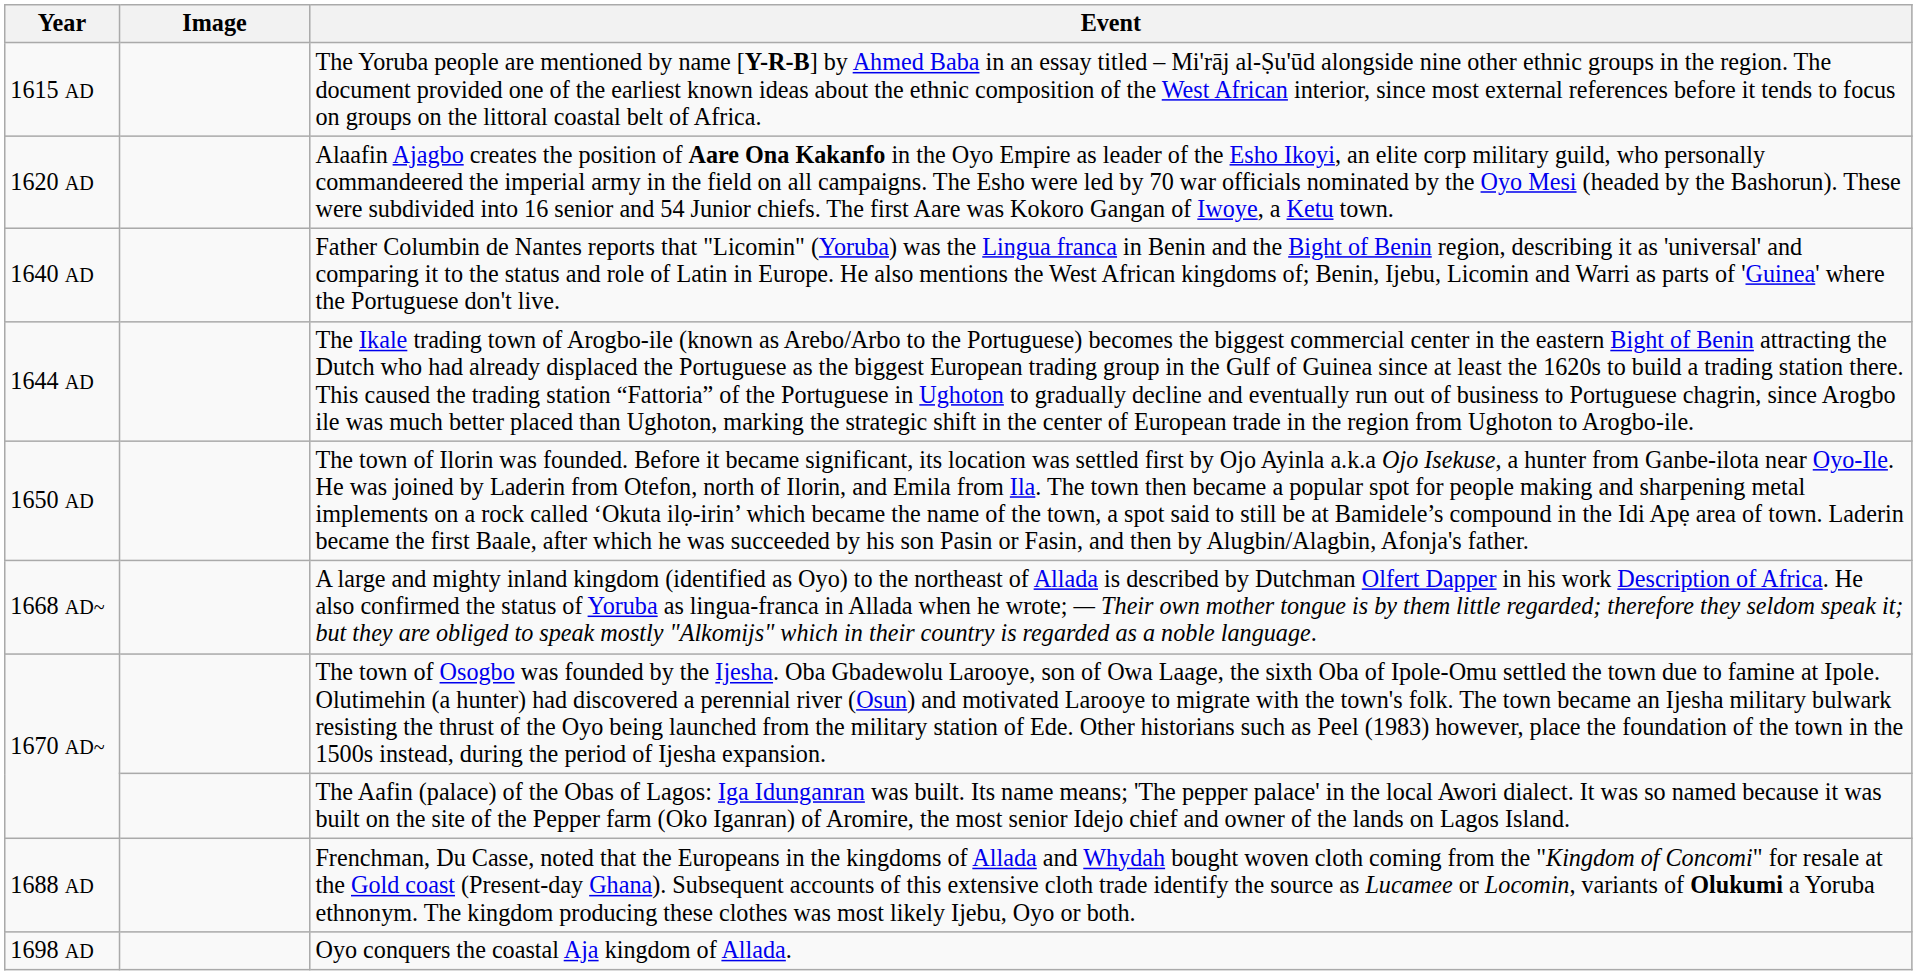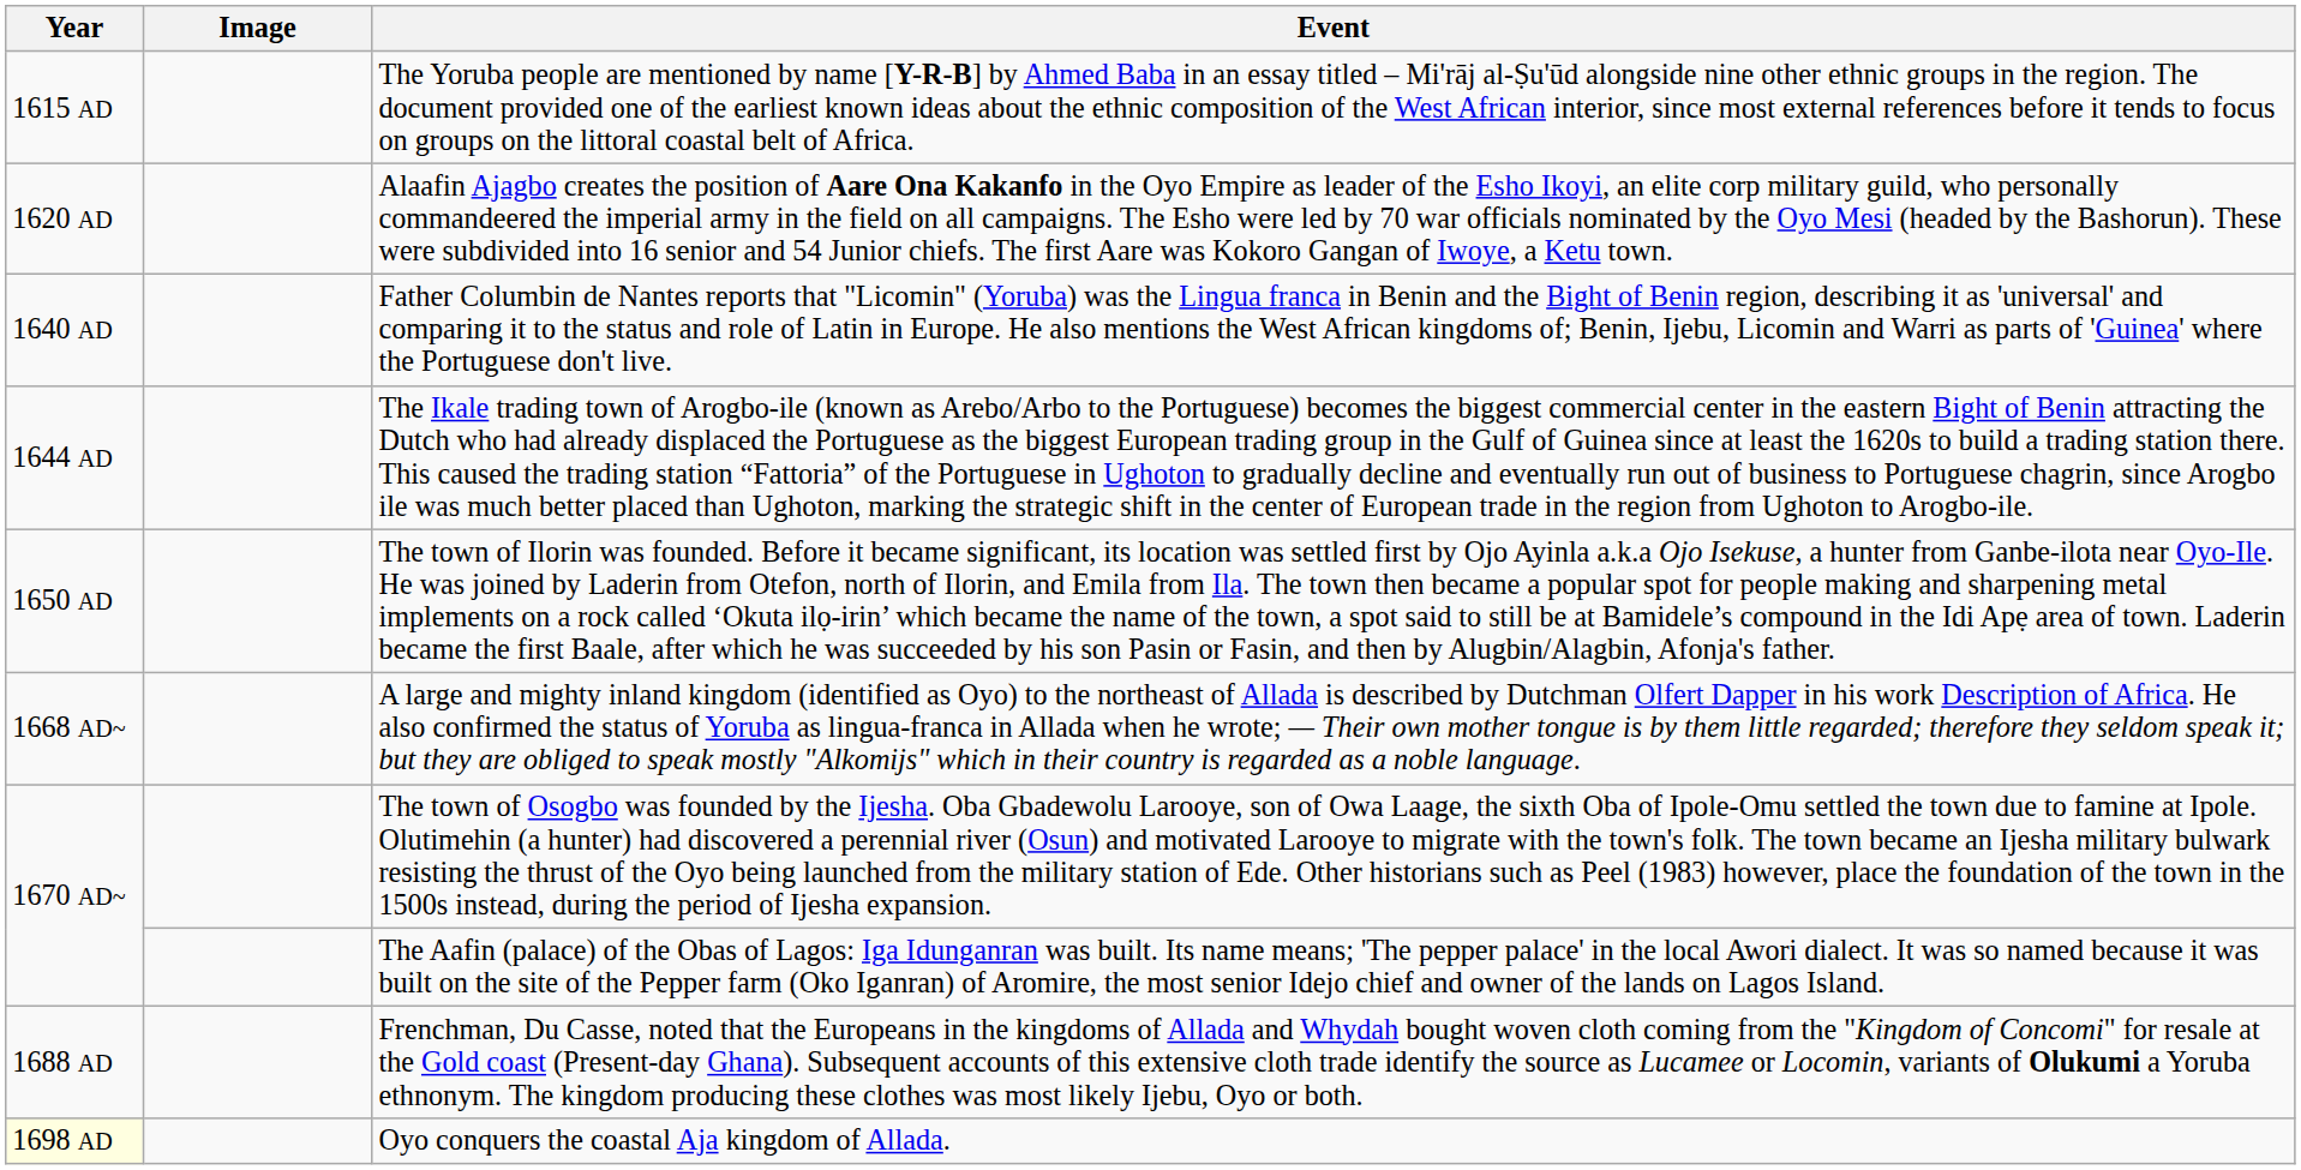 <table class="wikitable" width="100%">
 <tr>
 <th style="width:6%">Year</th>
 <th style="width:10%">Image</th>
 <th>Event</th>
 </tr>
 <tr>
 <td>1615 <small>AD</small></td>
 <td></td>
 <td>The Yoruba people are mentioned by name [<strong>Y-R-B</strong>] by <a href='#'>Ahmed Baba</a> in an essay titled – Mi'rāj al-Ṣu'ūd alongside nine other ethnic groups in the region. The document provided one of the earliest known ideas about the ethnic composition of the <a href='#'>West African</a> interior, since most external references before it tends to focus on groups on the littoral coastal belt of Africa.</td>
 </tr>
 <tr>
 <td>1620 <small>AD</small></td>
 <td></td>
 <td>Alaafin <a href='#'>Ajagbo</a> creates the position of <strong>Aare Ona Kakanfo</strong> in the Oyo Empire as leader of the <a href='#'>Esho Ikoyi</a>, an elite corp military guild, who personally commandeered the imperial army in the field on all campaigns. The Esho were led by 70 war officials nominated by the <a href='#'>Oyo Mesi</a> (headed by the Bashorun). These were subdivided into 16 senior and 54 Junior chiefs. The first Aare was Kokoro Gangan of <a href='#'>Iwoye</a>, a <a href='#'>Ketu</a> town.</td>
 </tr>
 <tr>
 <td>1640 <small>AD</small></td>
 <td><small></small></td>
 <td>Father Columbin de Nantes reports that "Licomin" (<a href='#'>Yoruba</a>) was the <a href='#'>Lingua franca</a> in Benin and the <a href='#'>Bight of Benin</a> region, describing it as 'universal' and comparing it to the status and role of Latin in Europe. He also mentions the West African kingdoms of; Benin, Ijebu, Licomin and Warri as parts of '<a href='#'>Guinea</a>' where the Portuguese don't live.</td>
 </tr>
 <tr>
 <td>1644 <small>AD</small></td>
 <td><small></small></td>
 <td>The <a href='#'>Ikale</a> trading town of Arogbo-ile (known as Arebo/Arbo to the Portuguese) becomes the biggest commercial center in the eastern <a href='#'>Bight of Benin</a> attracting the Dutch who had already displaced the Portuguese as the biggest European trading group in the Gulf of Guinea since at least the 1620s to build a trading station there. This caused the trading station “Fattoria” of the Portuguese in <a href='#'>Ughoton</a> to gradually decline and eventually run out of business to Portuguese chagrin, since Arogbo ile was much better placed than Ughoton, marking the strategic shift in the center of European trade in the region from Ughoton to Arogbo-ile.</td>
 </tr>
 <tr>
 <td>1650 <small>AD</small></td>
 <td><small></small></td>
 <td>The town of Ilorin was founded. Before it became significant, its location was settled first by Ojo Ayinla a.k.a <em>Ojo Isekuse</em>, a hunter from Ganbe-ilota near <a href='#'>Oyo-Ile</a>. He was joined by Laderin from Otefon, north of Ilorin, and Emila from <a href='#'>Ila</a>. The town then became a popular spot for people making and sharpening metal implements on a rock called ‘Okuta ilọ-irin’ which became the name of the town, a spot said to still be at Bamidele’s compound in the Idi Apẹ area of town. Laderin became the first Baale, after which he was succeeded by his son Pasin or Fasin, and then by Alugbin/Alagbin, Afonja's father.</td>
 </tr>
 <tr>
 <td>1668 <small>AD~</small></td>
 <td></td>
 <td>A large and mighty inland kingdom (identified as Oyo) to the northeast of <a href='#'>Allada</a> is described by Dutchman <a href='#'>Olfert Dapper</a> in his work <a href='#'>Description of Africa</a>. He also confirmed the status of <a href='#'>Yoruba</a> as lingua-franca in Allada when he wrote; <em>— Their own mother tongue is by them little regarded; therefore they seldom speak it; but they are obliged to speak mostly "Alkomijs" which in their country is regarded as a noble language</em>.</td>
 </tr>
 <tr>
 <td rowspan="2" valign="middle">1670 <small>AD~</small></td>
 <td></td>
 <td>The town of <a href='#'>Osogbo</a> was founded by the <a href='#'>Ijesha</a>. Oba Gbadewolu Larooye, son of Owa Laage, the sixth Oba of Ipole-Omu settled the town due to famine at Ipole. Olutimehin (a hunter) had discovered a perennial river (<a href='#'>Osun</a>) and motivated Larooye to migrate with the town's folk. The town became an Ijesha military bulwark resisting the thrust of the Oyo being launched from the military station of Ede. Other historians such as Peel (1983) however, place the foundation of the town in the 1500s instead, during the period of Ijesha expansion.</td>
 </tr>
 <tr>
 <td></td>
 <td>The Aafin (palace) of the Obas of Lagos: <a href='#'>Iga Idunganran</a> was built. Its name means; 'The pepper palace' in the local Awori dialect. It was so named because it was built on the site of the Pepper farm (Oko Iganran) of Aromire, the most senior Idejo chief and owner of the lands on Lagos Island.</td>
 </tr>
 <tr>
 <td>1688 <small>AD</small></td>
 <td></td>
 <td>Frenchman, Du Casse, noted that the Europeans in the kingdoms of <a href='#'>Allada</a> and <a href='#'>Whydah</a> bought woven cloth coming from the "<em>Kingdom of Concomi</em>" for resale at the <a href='#'>Gold coast</a> (Present-day <a href='#'>Ghana</a>). Subsequent accounts of this extensive cloth trade identify the source as <em>Lucamee</em> or <em>Locomin</em>, variants of <strong>Olukumi</strong> a Yoruba ethnonym. The kingdom producing these clothes was most likely Ijebu, Oyo or both.</td>
 </tr>
 <tr>
-<td>1698 <small>AD</small></td>
+<td style="background: lightyellow;">1698 <small>AD</small></td>
 <td></td>
 <td>Oyo conquers the coastal <a href='#'>Aja</a> kingdom of <a href='#'>Allada</a>.</td>
 </tr>
 </table>
